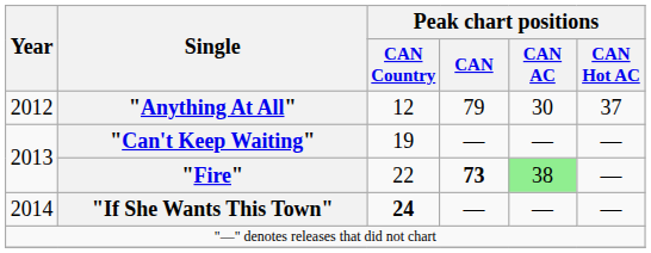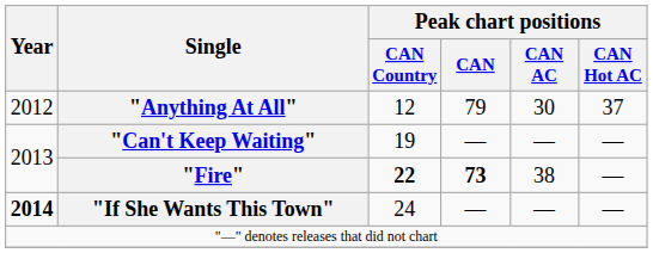 <table class="wikitable plainrowheaders" style="text-align:center;">
 <tr>
 <th rowspan="2">Year</th>
 <th rowspan="2" style="width:14em;">Single</th>
 <th colspan="4">Peak chart positions</th>
 </tr>
 <tr style="font-size:smaller;">
 <th width="45"><a href='#'>CAN Country</a><br></th>
 <th width="45"><a href='#'>CAN</a><br></th>
 <th width="45"><a href='#'>CAN<br>AC</a><br></th>
 <th width="45"><a href='#'>CAN<br>Hot AC</a><br></th>
 </tr>
 <tr>
 <td>2012</td>
 <th scope="row">"<a href='#'>Anything At All</a>"</th>
 <td>12</td>
 <td>79</td>
 <td>30</td>
 <td>37</td>
 </tr>
 <tr>
 <td rowspan="2">2013</td>
 <th scope="row">"<a href='#'>Can't Keep Waiting</a>"</th>
 <td>19</td>
 <td>—</td>
 <td>—</td>
 <td>—</td>
 </tr>
 <tr>
 <th scope="row">"<a href='#'>Fire</a>"</th>
-<td>22</td>
+<td><strong>22</strong></td>
 <td><strong>73</strong></td>
-<td style="background: lightgreen;">38</td>
+<td>38</td>
 <td>—</td>
 </tr>
 <tr>
-<td>2014</td>
+<td><strong>2014</strong></td>
 <th scope="row">"If She Wants This Town"</th>
-<td><strong>24</strong></td>
+<td>24</td>
 <td>—</td>
 <td>—</td>
 <td>—</td>
 </tr>
 <tr>
 <td colspan="6" style="font-size:8pt">"—" denotes releases that did not chart</td>
 </tr>
 <tr>
 </tr>
 </table>
